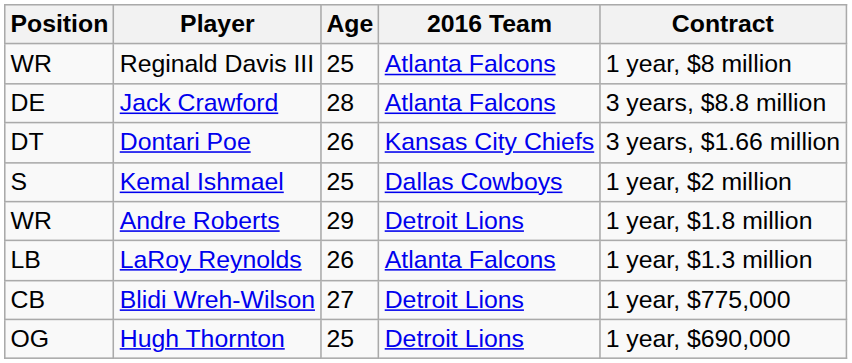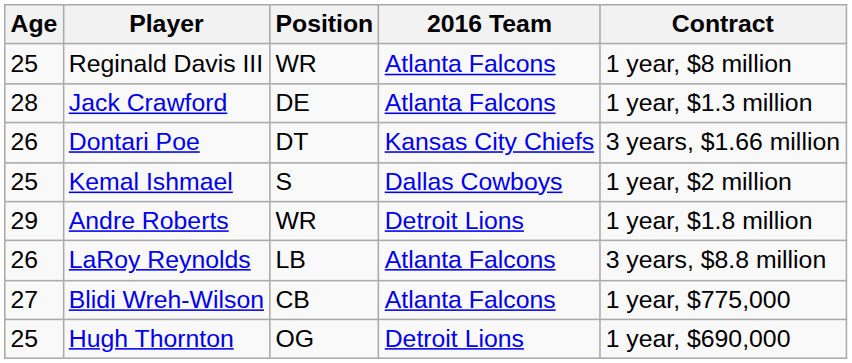 <table class="wikitable">
 <tr>
+<th>Age</th>
+<th>Player</th>
 <th>Position</th>
-<th>Player</th>
-<th>Age</th>
 <th>2016 Team</th>
 <th>Contract</th>
 </tr>
 <tr>
+<td>25</td>
+<td>Reginald Davis III</td>
 <td>WR</td>
-<td>Reginald Davis III</td>
-<td>25</td>
 <td><a href='#'>Atlanta Falcons</a></td>
 <td>1 year, $8 million</td>
 </tr>
 <tr>
+<td>28</td>
+<td><a href='#'>Jack Crawford</a></td>
 <td>DE</td>
-<td><a href='#'>Jack Crawford</a></td>
-<td>28</td>
+<td><a href='#'>Atlanta Falcons</a></td>
+<td>1 year, $1.3 million</td>
+</tr>
+<tr>
+<td>26</td>
+<td><a href='#'>Dontari Poe</a></td>
+<td>DT</td>
+<td><a href='#'>Kansas City Chiefs</a></td>
+<td>3 years, $1.66 million</td>
+</tr>
+<tr>
+<td>25</td>
+<td><a href='#'>Kemal Ishmael</a></td>
+<td>S</td>
+<td><a href='#'>Dallas Cowboys</a></td>
+<td>1 year, $2 million</td>
+</tr>
+<tr>
+<td>29</td>
+<td><a href='#'>Andre Roberts</a></td>
+<td>WR</td>
+<td><a href='#'>Detroit Lions</a></td>
+<td>1 year, $1.8 million</td>
+</tr>
+<tr>
+<td>26</td>
+<td><a href='#'>LaRoy Reynolds</a></td>
+<td>LB</td>
 <td><a href='#'>Atlanta Falcons</a></td>
 <td>3 years, $8.8 million</td>
 </tr>
 <tr>
-<td>DT</td>
-<td><a href='#'>Dontari Poe</a></td>
-<td>26</td>
-<td><a href='#'>Kansas City Chiefs</a></td>
-<td>3 years, $1.66 million</td>
-</tr>
-<tr>
-<td>S</td>
-<td><a href='#'>Kemal Ishmael</a></td>
-<td>25</td>
-<td><a href='#'>Dallas Cowboys</a></td>
-<td>1 year, $2 million</td>
-</tr>
-<tr>
-<td>WR</td>
-<td><a href='#'>Andre Roberts</a></td>
-<td>29</td>
-<td><a href='#'>Detroit Lions</a></td>
-<td>1 year, $1.8 million</td>
-</tr>
-<tr>
-<td>LB</td>
-<td><a href='#'>LaRoy Reynolds</a></td>
-<td>26</td>
+<td>27</td>
+<td><a href='#'>Blidi Wreh-Wilson</a></td>
+<td>CB</td>
 <td><a href='#'>Atlanta Falcons</a></td>
-<td>1 year, $1.3 million</td>
-</tr>
-<tr>
-<td>CB</td>
-<td><a href='#'>Blidi Wreh-Wilson</a></td>
-<td>27</td>
-<td><a href='#'>Detroit Lions</a></td>
 <td>1 year, $775,000</td>
 </tr>
 <tr>
+<td>25</td>
+<td><a href='#'>Hugh Thornton</a></td>
 <td>OG</td>
-<td><a href='#'>Hugh Thornton</a></td>
-<td>25</td>
 <td><a href='#'>Detroit Lions</a></td>
 <td>1 year, $690,000</td>
 </tr>
 </table>
